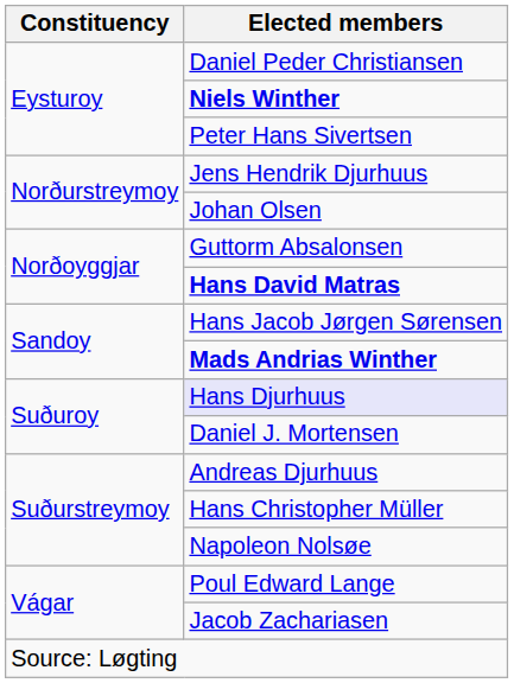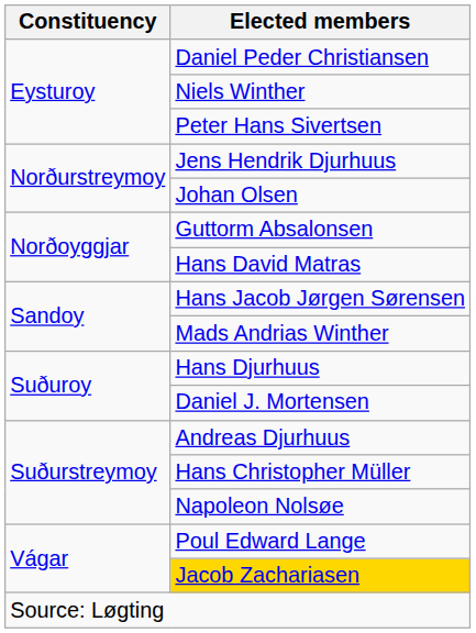 <table class=wikitable>
 <tr>
 <th>Constituency</th>
 <th>Elected members</th>
 </tr>
 <tr>
 <td rowspan=3><a href='#'>Eysturoy</a></td>
 <td><a href='#'>Daniel Peder Christiansen</a></td>
 </tr>
 <tr>
-<td><strong><a href='#'>Niels Winther</a></strong></td>
+<td><a href='#'>Niels Winther</a></td>
 </tr>
 <tr>
 <td><a href='#'>Peter Hans Sivertsen</a></td>
 </tr>
 <tr>
 <td rowspan=2><a href='#'>Norðurstreymoy</a></td>
 <td><a href='#'>Jens Hendrik Djurhuus</a></td>
 </tr>
 <tr>
 <td><a href='#'>Johan Olsen</a></td>
 </tr>
 <tr>
 <td rowspan=2><a href='#'>Norðoyggjar</a></td>
 <td><a href='#'>Guttorm Absalonsen</a></td>
 </tr>
 <tr>
-<td><strong><a href='#'>Hans David Matras</a></strong></td>
+<td><a href='#'>Hans David Matras</a></td>
 </tr>
 <tr>
 <td rowspan=2><a href='#'>Sandoy</a></td>
 <td><a href='#'>Hans Jacob Jørgen Sørensen</a></td>
 </tr>
 <tr>
-<td><strong><a href='#'>Mads Andrias Winther</a></strong></td>
+<td><a href='#'>Mads Andrias Winther</a></td>
 </tr>
 <tr>
 <td rowspan=2><a href='#'>Suðuroy</a></td>
-<td style="background: lavender;"><a href='#'>Hans Djurhuus</a></td>
+<td><a href='#'>Hans Djurhuus</a></td>
 </tr>
 <tr>
 <td><a href='#'>Daniel J. Mortensen</a></td>
 </tr>
 <tr>
 <td rowspan=3><a href='#'>Suðurstreymoy</a></td>
 <td><a href='#'>Andreas Djurhuus</a></td>
 </tr>
 <tr>
 <td><a href='#'>Hans Christopher Müller</a></td>
 </tr>
 <tr>
 <td><a href='#'>Napoleon Nolsøe</a></td>
 </tr>
 <tr>
 <td rowspan=2><a href='#'>Vágar</a></td>
 <td><a href='#'>Poul Edward Lange</a></td>
 </tr>
 <tr>
-<td><a href='#'>Jacob Zachariasen</a></td>
+<td style="background: gold;"><a href='#'>Jacob Zachariasen</a></td>
 </tr>
 <tr>
 <td colspan=2>Source: Løgting</td>
 </tr>
 </table>
